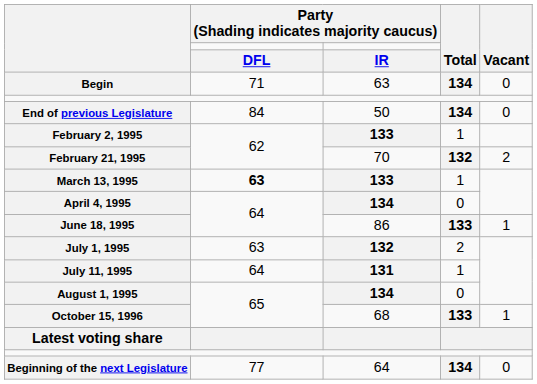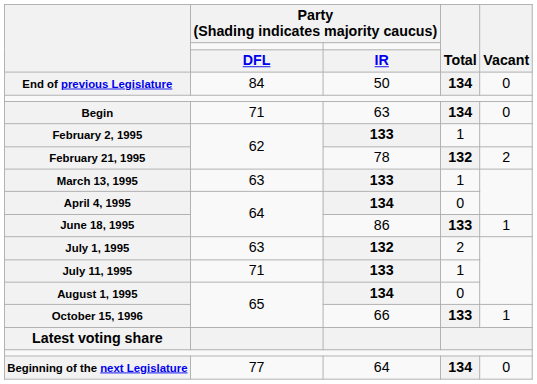 <table class=wikitable style="text-align:center">
 <tr style="vertical-align:bottom;">
 <th rowspan=3></th>
 <th colspan=2>Party <div>(Shading indicates majority caucus)</div></th>
 <th rowspan=3>Total</th>
 <th rowspan=3>Vacant</th>
 </tr>
 <tr style="height:5px">
 <td style="background-color:"></td>
 <td style="background-color:"></td>
 </tr>
 <tr>
 <th><a href='#'>DFL</a></th>
 <th><a href='#'>IR</a></th>
 </tr>
 <tr>
-<th style="font-size:80%">Begin</th>
-<td>71</td>
-<td>63</td>
+<th style="white-space:nowrap; font-size:80%;">End of <a href='#'>previous Legislature</a></th>
+<td>84</td>
+<td>50</td>
 <th>134</th>
 <td>0</td>
 </tr>
 <tr>
 <td colspan=5></td>
 </tr>
 <tr>
-<th style="white-space:nowrap; font-size:80%;">End of <a href='#'>previous Legislature</a></th>
-<td>84</td>
-<td>50</td>
+<th style="font-size:80%">Begin</th>
+<td>71</td>
+<td>63</td>
 <th>134</th>
 <td>0</td>
 </tr>
 <tr>
 <th style="font-size:80%">February 2, 1995 </th>
 <td rowspan="2">62</td>
 <th>133</th>
 <td>1</td>
 </tr>
 <tr>
 <th style="font-size:80%">February 21, 1995 </th>
-<td>70</td>
+<td>78</td>
 <th>132</th>
 <td>2</td>
 </tr>
 <tr>
 <th style="font-size:80%">March 13, 1995 </th>
-<td><strong>63</strong></td>
+<td>63</td>
 <th>133</th>
 <td>1</td>
 </tr>
 <tr>
 <th style="font-size:80%">April 4, 1995 </th>
 <td rowspan="2">64</td>
 <th>134</th>
 <td>0</td>
 </tr>
 <tr>
 <th style="font-size:80%">June 18, 1995 </th>
 <td>86</td>
 <th>133</th>
 <td>1</td>
 </tr>
 <tr>
 <th style="font-size:80%">July 1, 1995 </th>
 <td>63</td>
 <th>132</th>
 <td>2</td>
 </tr>
 <tr>
 <th style="font-size:80%">July 11, 1995 </th>
-<td>64</td>
-<th>131</th>
+<td>71</td>
+<th>133</th>
 <td>1</td>
 </tr>
 <tr>
 <th style="font-size:80%">August 1, 1995 </th>
 <td rowspan="2">65</td>
 <th>134</th>
 <td>0</td>
 </tr>
 <tr>
 <th style="font-size:80%">October 15, 1996 </th>
-<td>68</td>
+<td>66</td>
 <th>133</th>
 <td>1</td>
 </tr>
 <tr>
 <th>Latest voting share</th>
 <th></th>
 <th></th>
 <th colspan=2></th>
 </tr>
 <tr>
 <td colspan=5></td>
 </tr>
 <tr>
 <th style="white-space:nowrap; font-size:80%;">Beginning of the <a href='#'>next Legislature</a></th>
 <td>77</td>
 <td>64</td>
 <th>134</th>
 <td>0</td>
 </tr>
 </table>
